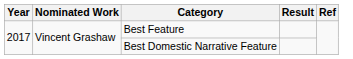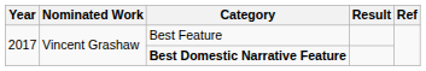 <table class="wikitable">
 <tr>
 <th>Year</th>
 <th>Nominated Work</th>
 <th>Category</th>
 <th>Result</th>
 <th>Ref</th>
 </tr>
 <tr>
 <td rowspan="2">2017</td>
 <td rowspan="2">Vincent Grashaw</td>
 <td>Best Feature</td>
 <td></td>
 <td rowspan="2"></td>
 </tr>
 <tr>
-<td>Best Domestic Narrative Feature</td>
+<td><strong>Best Domestic Narrative Feature</strong></td>
 <td></td>
 </tr>
 </table>
